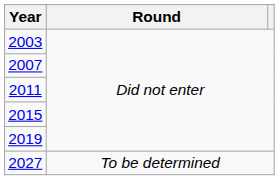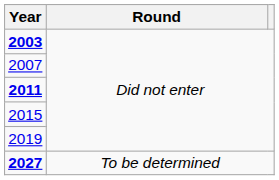 <table class="wikitable" style="text-align: center; font-size:90%">
 <tr>
 <th>Year</th>
 <th style="width:200px">Round</th>
 <th></th>
 </tr>
 <tr>
-<td><a href='#'>2003</a></td>
+<td><strong><a href='#'>2003</a></strong></td>
 <td colspan="2" rowspan="5"><em>Did not enter</em></td>
 </tr>
 <tr>
 <td><a href='#'>2007</a></td>
 </tr>
 <tr>
-<td><a href='#'>2011</a></td>
+<td><strong><a href='#'>2011</a></strong></td>
 </tr>
 <tr>
 <td><a href='#'>2015</a></td>
 </tr>
 <tr>
 <td><a href='#'>2019</a></td>
 </tr>
 <tr>
-<td><a href='#'>2027</a></td>
+<td><strong><a href='#'>2027</a></strong></td>
 <td colspan="2"><em>To be determined</em></td>
 </tr>
 </table>
